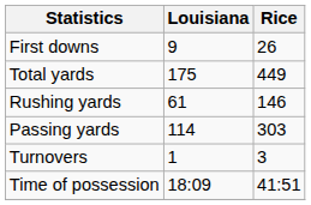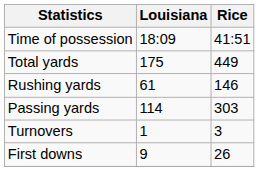 <table class="wikitable">
 <tr>
 <th>Statistics</th>
 <th>Louisiana</th>
 <th>Rice</th>
 </tr>
 <tr>
-<td>First downs</td>
-<td>9</td>
-<td>26</td>
+<td>Time of possession</td>
+<td>18:09</td>
+<td>41:51</td>
 </tr>
 <tr>
 <td>Total yards</td>
 <td>175</td>
 <td>449</td>
 </tr>
 <tr>
 <td>Rushing yards</td>
 <td>61</td>
 <td>146</td>
 </tr>
 <tr>
 <td>Passing yards</td>
 <td>114</td>
 <td>303</td>
 </tr>
 <tr>
 <td>Turnovers</td>
 <td>1</td>
 <td>3</td>
 </tr>
 <tr>
-<td>Time of possession</td>
-<td>18:09</td>
-<td>41:51</td>
+<td>First downs</td>
+<td>9</td>
+<td>26</td>
 </tr>
 <tr>
 </tr>
 </table>
